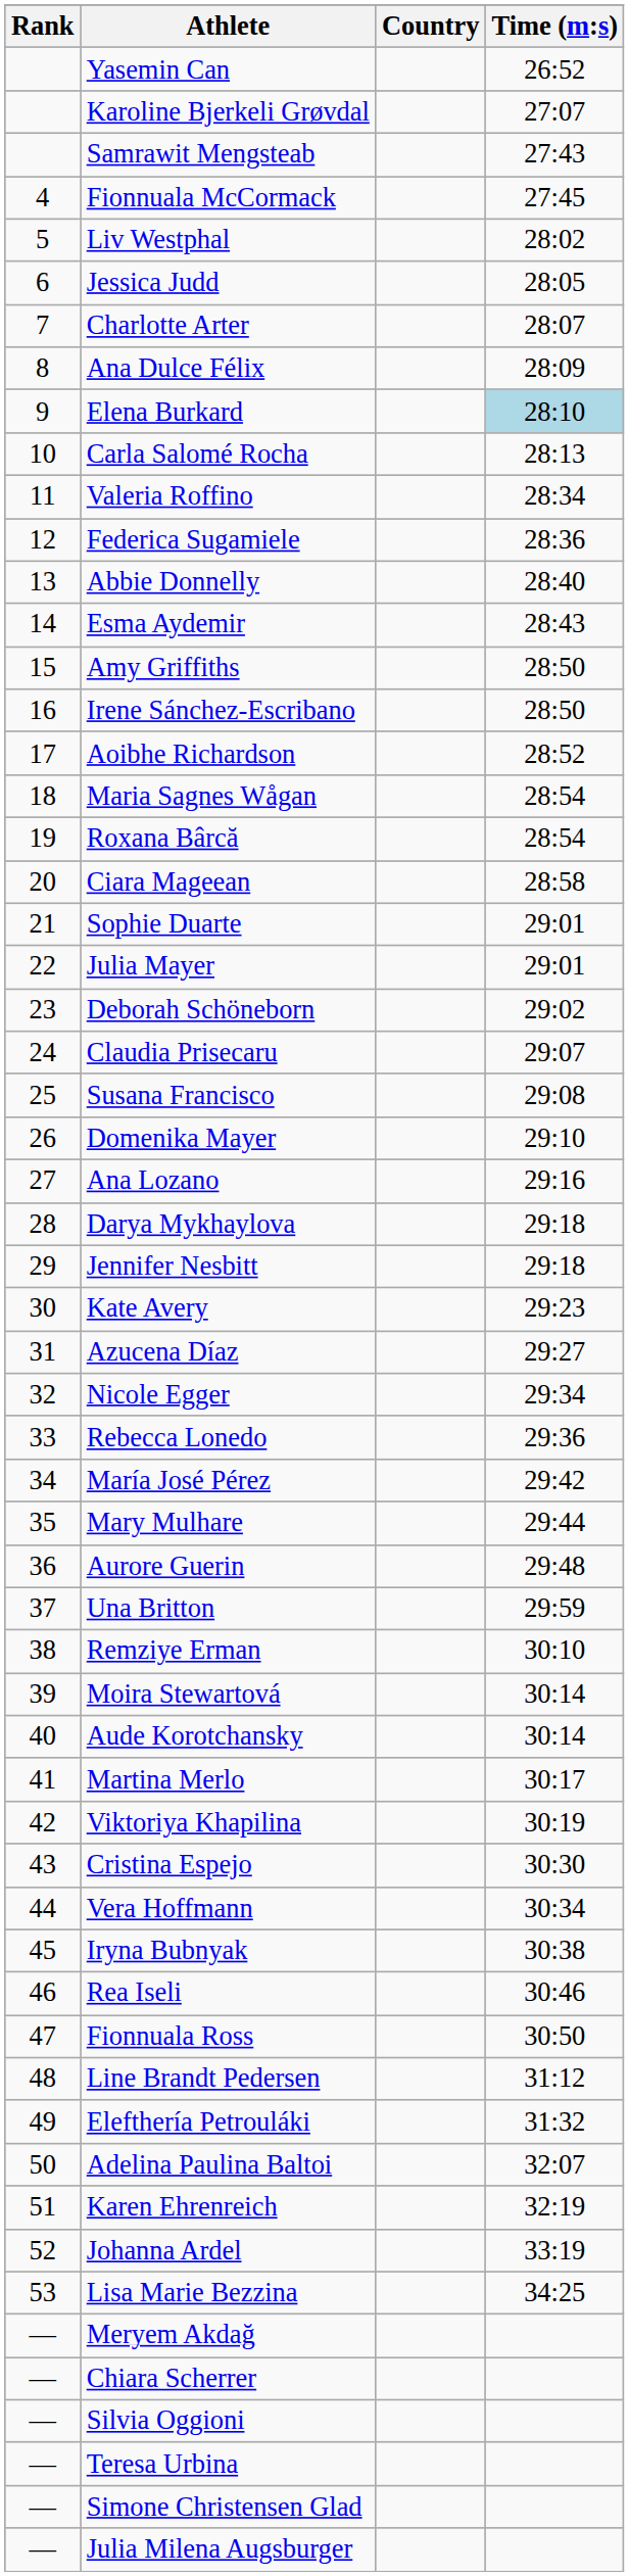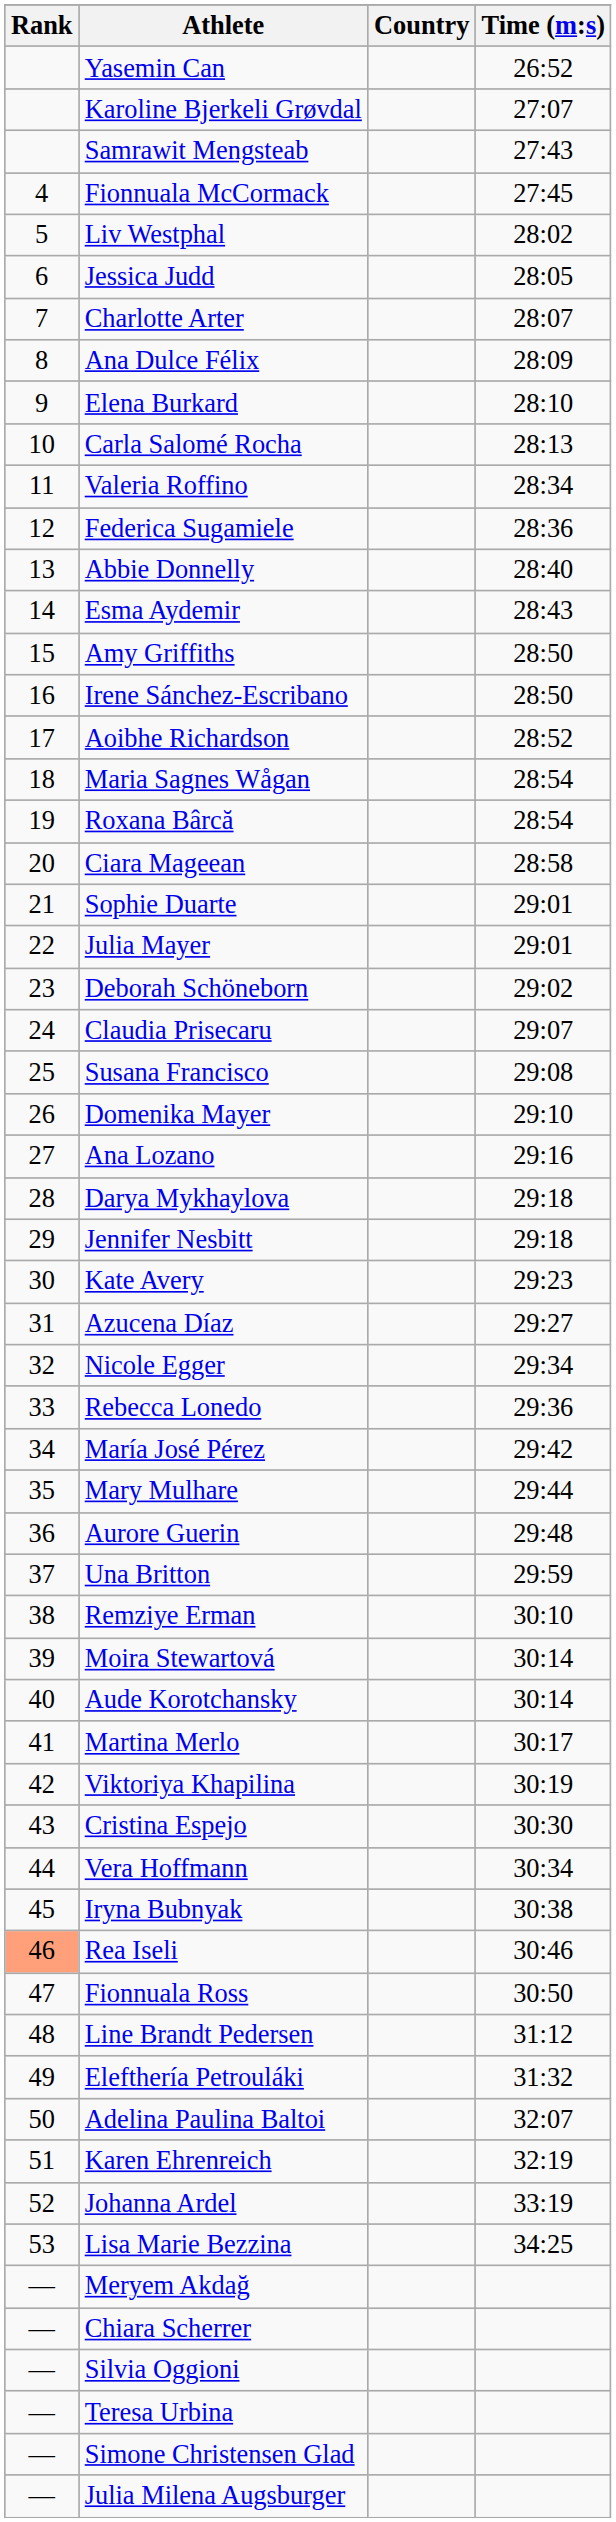 <table class="wikitable sortable" style="text-align:center;">
 <tr>
 </tr>
 <tr>
 <th>Rank</th>
 <th>Athlete</th>
 <th>Country</th>
 <th>Time (<a href='#'>m</a>:<a href='#'>s</a>)</th>
 </tr>
 <tr>
 <td></td>
 <td align=left><a href='#'>Yasemin Can</a></td>
 <td align=left></td>
 <td>26:52</td>
 </tr>
 <tr>
 <td></td>
 <td align=left><a href='#'>Karoline Bjerkeli Grøvdal</a></td>
 <td align=left></td>
 <td>27:07</td>
 </tr>
 <tr>
 <td></td>
 <td align=left><a href='#'>Samrawit Mengsteab</a></td>
 <td align=left></td>
 <td>27:43</td>
 </tr>
 <tr>
 <td>4</td>
 <td align=left><a href='#'>Fionnuala McCormack</a></td>
 <td align=left></td>
 <td>27:45</td>
 </tr>
 <tr>
 <td>5</td>
 <td align=left><a href='#'>Liv Westphal</a></td>
 <td align=left></td>
 <td>28:02</td>
 </tr>
 <tr>
 <td>6</td>
 <td align=left><a href='#'>Jessica Judd</a></td>
 <td align=left></td>
 <td>28:05</td>
 </tr>
 <tr>
 <td>7</td>
 <td align=left><a href='#'>Charlotte Arter</a></td>
 <td align=left></td>
 <td>28:07</td>
 </tr>
 <tr>
 <td>8</td>
 <td align=left><a href='#'>Ana Dulce Félix</a></td>
 <td align=left></td>
 <td>28:09</td>
 </tr>
 <tr>
 <td>9</td>
 <td align=left><a href='#'>Elena Burkard</a></td>
 <td align=left></td>
-<td style="background: lightblue;">28:10</td>
+<td>28:10</td>
 </tr>
 <tr>
 <td>10</td>
 <td align=left><a href='#'>Carla Salomé Rocha</a></td>
 <td align=left></td>
 <td>28:13</td>
 </tr>
 <tr>
 <td>11</td>
 <td align=left><a href='#'>Valeria Roffino</a></td>
 <td align=left></td>
 <td>28:34</td>
 </tr>
 <tr>
 <td>12</td>
 <td align=left><a href='#'>Federica Sugamiele</a></td>
 <td align=left></td>
 <td>28:36</td>
 </tr>
 <tr>
 <td>13</td>
 <td align=left><a href='#'>Abbie Donnelly</a></td>
 <td align=left></td>
 <td>28:40</td>
 </tr>
 <tr>
 <td>14</td>
 <td align=left><a href='#'>Esma Aydemir</a></td>
 <td align=left></td>
 <td>28:43</td>
 </tr>
 <tr>
 <td>15</td>
 <td align=left><a href='#'>Amy Griffiths</a></td>
 <td align=left></td>
 <td>28:50</td>
 </tr>
 <tr>
 <td>16</td>
 <td align=left><a href='#'>Irene Sánchez-Escribano</a></td>
 <td align=left></td>
 <td>28:50</td>
 </tr>
 <tr>
 <td>17</td>
 <td align=left><a href='#'>Aoibhe Richardson</a></td>
 <td align=left></td>
 <td>28:52</td>
 </tr>
 <tr>
 <td>18</td>
 <td align=left><a href='#'>Maria Sagnes Wågan</a></td>
 <td align=left></td>
 <td>28:54</td>
 </tr>
 <tr>
 <td>19</td>
 <td align=left><a href='#'>Roxana Bârcă</a></td>
 <td align=left></td>
 <td>28:54</td>
 </tr>
 <tr>
 <td>20</td>
 <td align=left><a href='#'>Ciara Mageean</a></td>
 <td align=left></td>
 <td>28:58</td>
 </tr>
 <tr>
 <td>21</td>
 <td align=left><a href='#'>Sophie Duarte</a></td>
 <td align=left></td>
 <td>29:01</td>
 </tr>
 <tr>
 <td>22</td>
 <td align=left><a href='#'>Julia Mayer</a></td>
 <td align=left></td>
 <td>29:01</td>
 </tr>
 <tr>
 <td>23</td>
 <td align=left><a href='#'>Deborah Schöneborn</a></td>
 <td align=left></td>
 <td>29:02</td>
 </tr>
 <tr>
 <td>24</td>
 <td align=left><a href='#'>Claudia Prisecaru</a></td>
 <td align=left></td>
 <td>29:07</td>
 </tr>
 <tr>
 <td>25</td>
 <td align=left><a href='#'>Susana Francisco</a></td>
 <td align=left></td>
 <td>29:08</td>
 </tr>
 <tr>
 <td>26</td>
 <td align=left><a href='#'>Domenika Mayer</a></td>
 <td align=left></td>
 <td>29:10</td>
 </tr>
 <tr>
 <td>27</td>
 <td align=left><a href='#'>Ana Lozano</a></td>
 <td align=left></td>
 <td>29:16</td>
 </tr>
 <tr>
 <td>28</td>
 <td align=left><a href='#'>Darya Mykhaylova</a></td>
 <td align=left></td>
 <td>29:18</td>
 </tr>
 <tr>
 <td>29</td>
 <td align=left><a href='#'>Jennifer Nesbitt</a></td>
 <td align=left></td>
 <td>29:18</td>
 </tr>
 <tr>
 <td>30</td>
 <td align=left><a href='#'>Kate Avery</a></td>
 <td align=left></td>
 <td>29:23</td>
 </tr>
 <tr>
 <td>31</td>
 <td align=left><a href='#'>Azucena Díaz</a></td>
 <td align=left></td>
 <td>29:27</td>
 </tr>
 <tr>
 <td>32</td>
 <td align=left><a href='#'>Nicole Egger</a></td>
 <td align=left></td>
 <td>29:34</td>
 </tr>
 <tr>
 <td>33</td>
 <td align=left><a href='#'>Rebecca Lonedo</a></td>
 <td align=left></td>
 <td>29:36</td>
 </tr>
 <tr>
 <td>34</td>
 <td align=left><a href='#'>María José Pérez</a></td>
 <td align=left></td>
 <td>29:42</td>
 </tr>
 <tr>
 <td>35</td>
 <td align=left><a href='#'>Mary Mulhare</a></td>
 <td align=left></td>
 <td>29:44</td>
 </tr>
 <tr>
 <td>36</td>
 <td align=left><a href='#'>Aurore Guerin</a></td>
 <td align=left></td>
 <td>29:48</td>
 </tr>
 <tr>
 <td>37</td>
 <td align=left><a href='#'>Una Britton</a></td>
 <td align=left></td>
 <td>29:59</td>
 </tr>
 <tr>
 <td>38</td>
 <td align=left><a href='#'>Remziye Erman</a></td>
 <td align=left></td>
 <td>30:10</td>
 </tr>
 <tr>
 <td>39</td>
 <td align=left><a href='#'>Moira Stewartová</a></td>
 <td align=left></td>
 <td>30:14</td>
 </tr>
 <tr>
 <td>40</td>
 <td align=left><a href='#'>Aude Korotchansky</a></td>
 <td align=left></td>
 <td>30:14</td>
 </tr>
 <tr>
 <td>41</td>
 <td align=left><a href='#'>Martina Merlo</a></td>
 <td align=left></td>
 <td>30:17</td>
 </tr>
 <tr>
 <td>42</td>
 <td align=left><a href='#'>Viktoriya Khapilina</a></td>
 <td align=left></td>
 <td>30:19</td>
 </tr>
 <tr>
 <td>43</td>
 <td align=left><a href='#'>Cristina Espejo</a></td>
 <td align=left></td>
 <td>30:30</td>
 </tr>
 <tr>
 <td>44</td>
 <td align=left><a href='#'>Vera Hoffmann</a></td>
 <td align=left></td>
 <td>30:34</td>
 </tr>
 <tr>
 <td>45</td>
 <td align=left><a href='#'>Iryna Bubnyak</a></td>
 <td align=left></td>
 <td>30:38</td>
 </tr>
 <tr>
-<td>46</td>
+<td style="background: lightsalmon;">46</td>
 <td align=left><a href='#'>Rea Iseli</a></td>
 <td align=left></td>
 <td>30:46</td>
 </tr>
 <tr>
 <td>47</td>
 <td align=left><a href='#'>Fionnuala Ross</a></td>
 <td align=left></td>
 <td>30:50</td>
 </tr>
 <tr>
 <td>48</td>
 <td align=left><a href='#'>Line Brandt Pedersen</a></td>
 <td align=left></td>
 <td>31:12</td>
 </tr>
 <tr>
 <td>49</td>
 <td align=left><a href='#'>Elefthería Petrouláki</a></td>
 <td align=left></td>
 <td>31:32</td>
 </tr>
 <tr>
 <td>50</td>
 <td align=left><a href='#'>Adelina Paulina Baltoi</a></td>
 <td align=left></td>
 <td>32:07</td>
 </tr>
 <tr>
 <td>51</td>
 <td align=left><a href='#'>Karen Ehrenreich</a></td>
 <td align=left></td>
 <td>32:19</td>
 </tr>
 <tr>
 <td>52</td>
 <td align=left><a href='#'>Johanna Ardel</a></td>
 <td align=left></td>
 <td>33:19</td>
 </tr>
 <tr>
 <td>53</td>
 <td align=left><a href='#'>Lisa Marie Bezzina</a></td>
 <td align=left></td>
 <td>34:25</td>
 </tr>
 <tr>
 <td>—</td>
 <td align=left><a href='#'>Meryem Akdağ</a></td>
 <td align=left></td>
 <td></td>
 </tr>
 <tr>
 <td>—</td>
 <td align=left><a href='#'>Chiara Scherrer</a></td>
 <td align=left></td>
 <td></td>
 </tr>
 <tr>
 <td>—</td>
 <td align=left><a href='#'>Silvia Oggioni</a></td>
 <td align=left></td>
 <td></td>
 </tr>
 <tr>
 <td>—</td>
 <td align=left><a href='#'>Teresa Urbina</a></td>
 <td align=left></td>
 <td></td>
 </tr>
 <tr>
 <td>—</td>
 <td align=left><a href='#'>Simone Christensen Glad</a></td>
 <td align=left></td>
 <td></td>
 </tr>
 <tr>
 <td>—</td>
 <td align=left><a href='#'>Julia Milena Augsburger</a></td>
 <td align=left></td>
 <td></td>
 </tr>
 </table>
